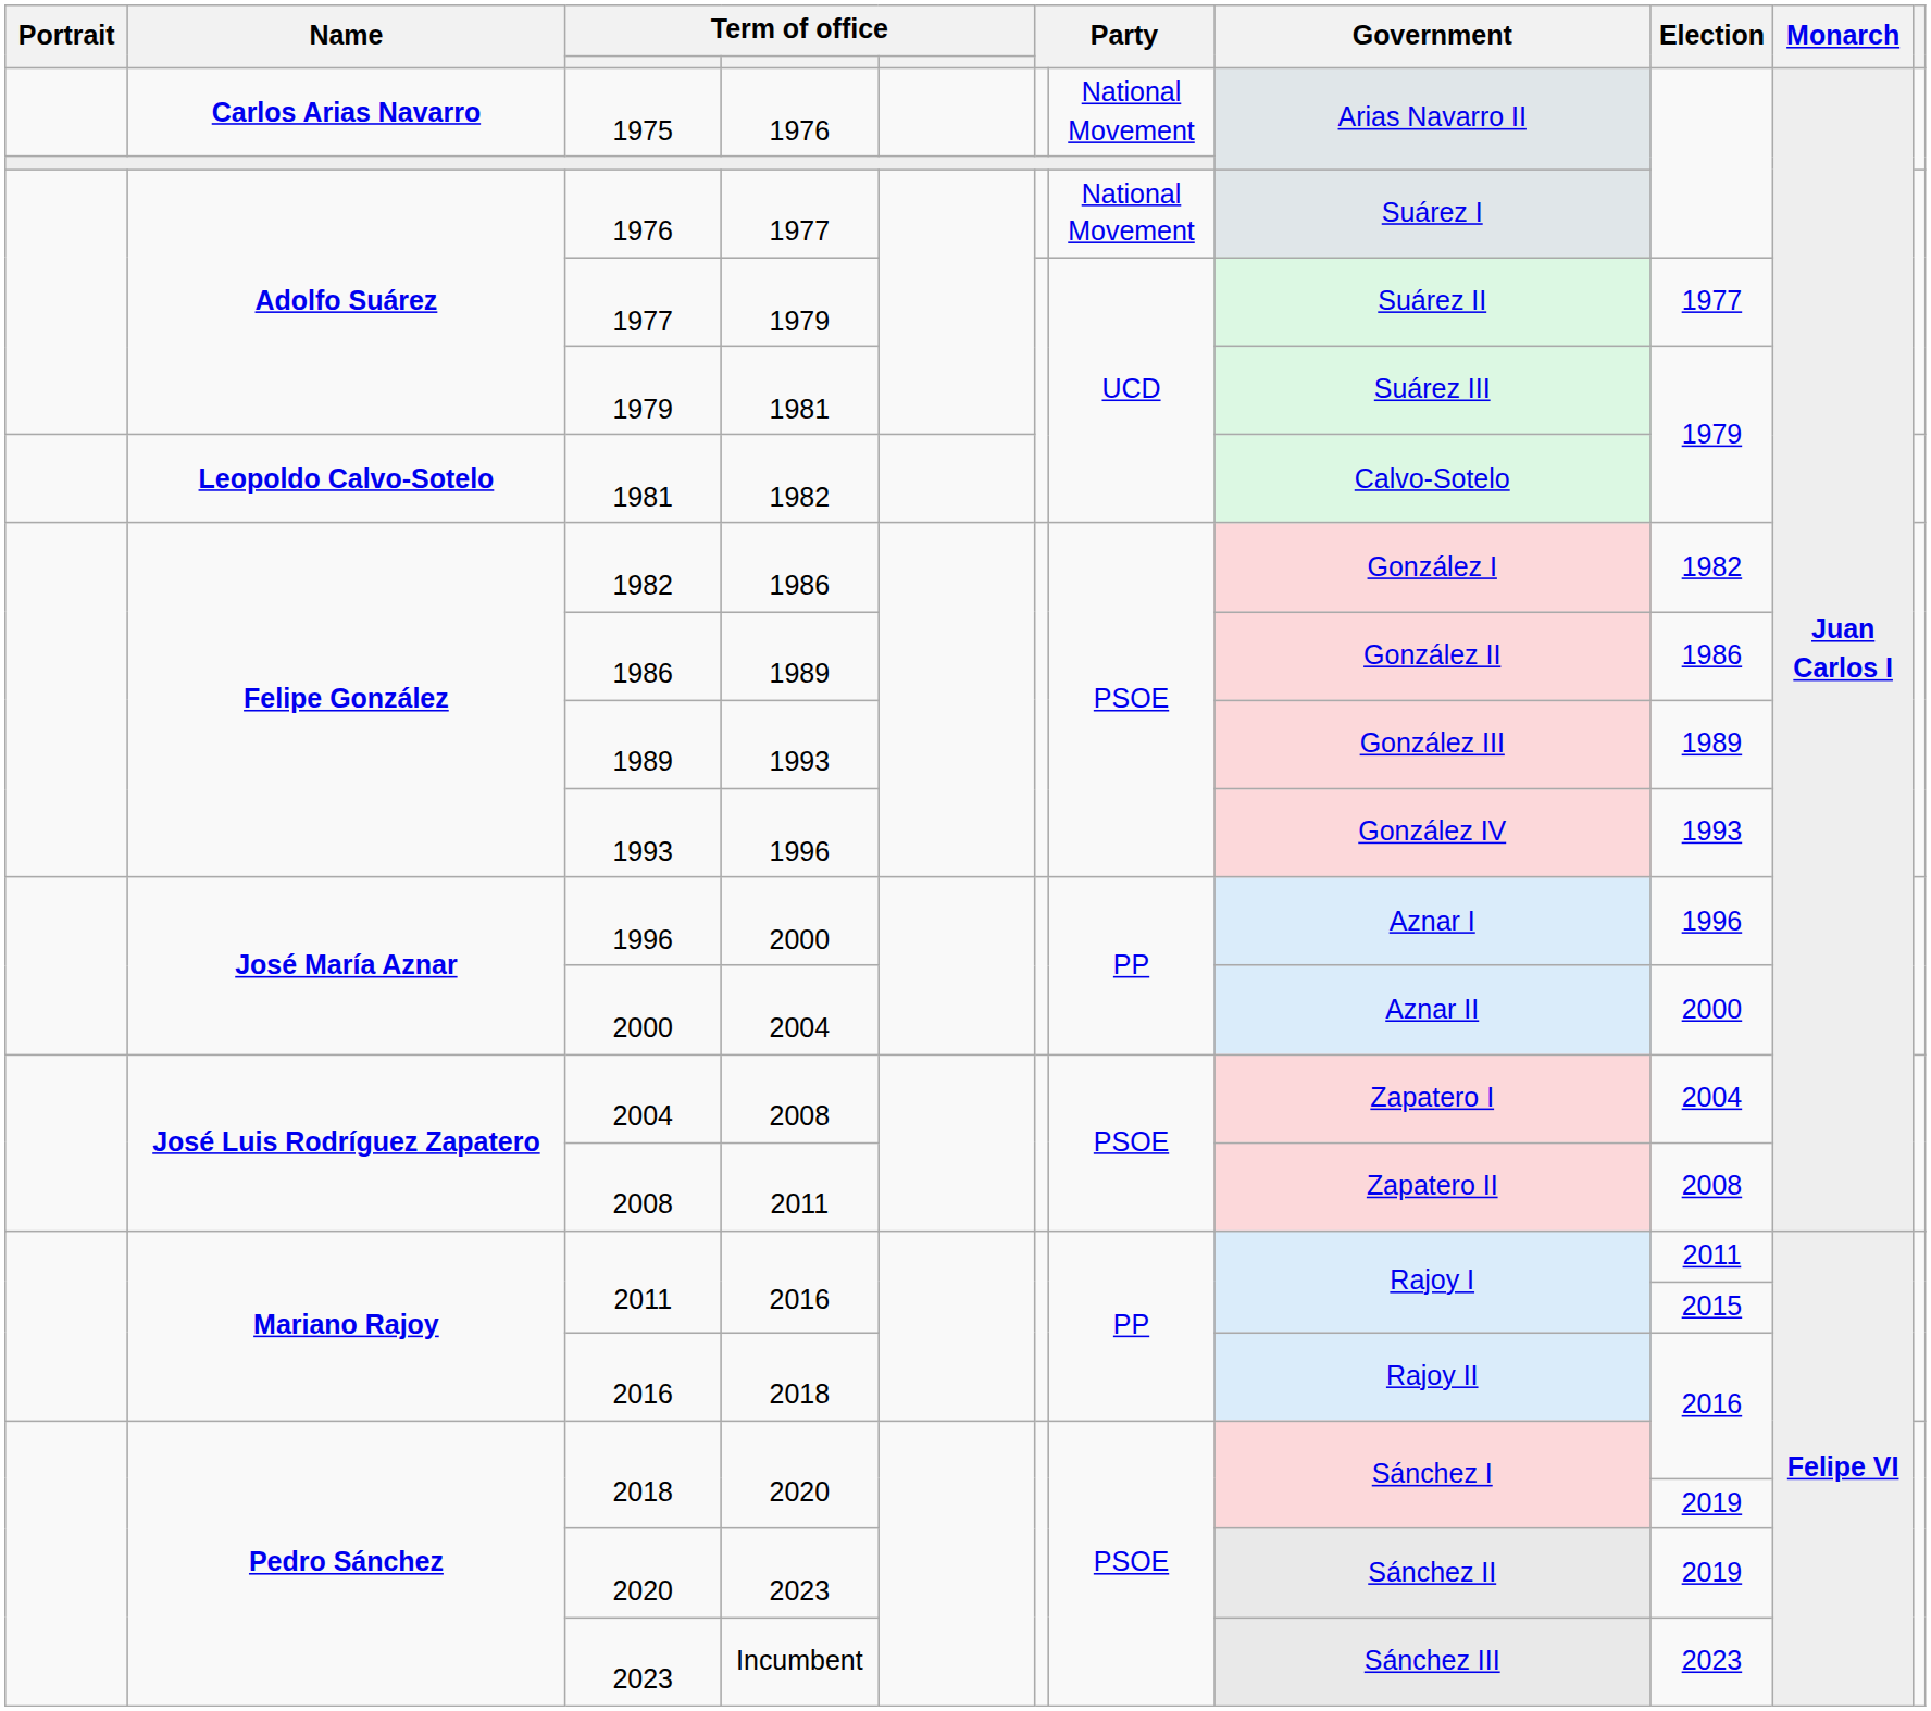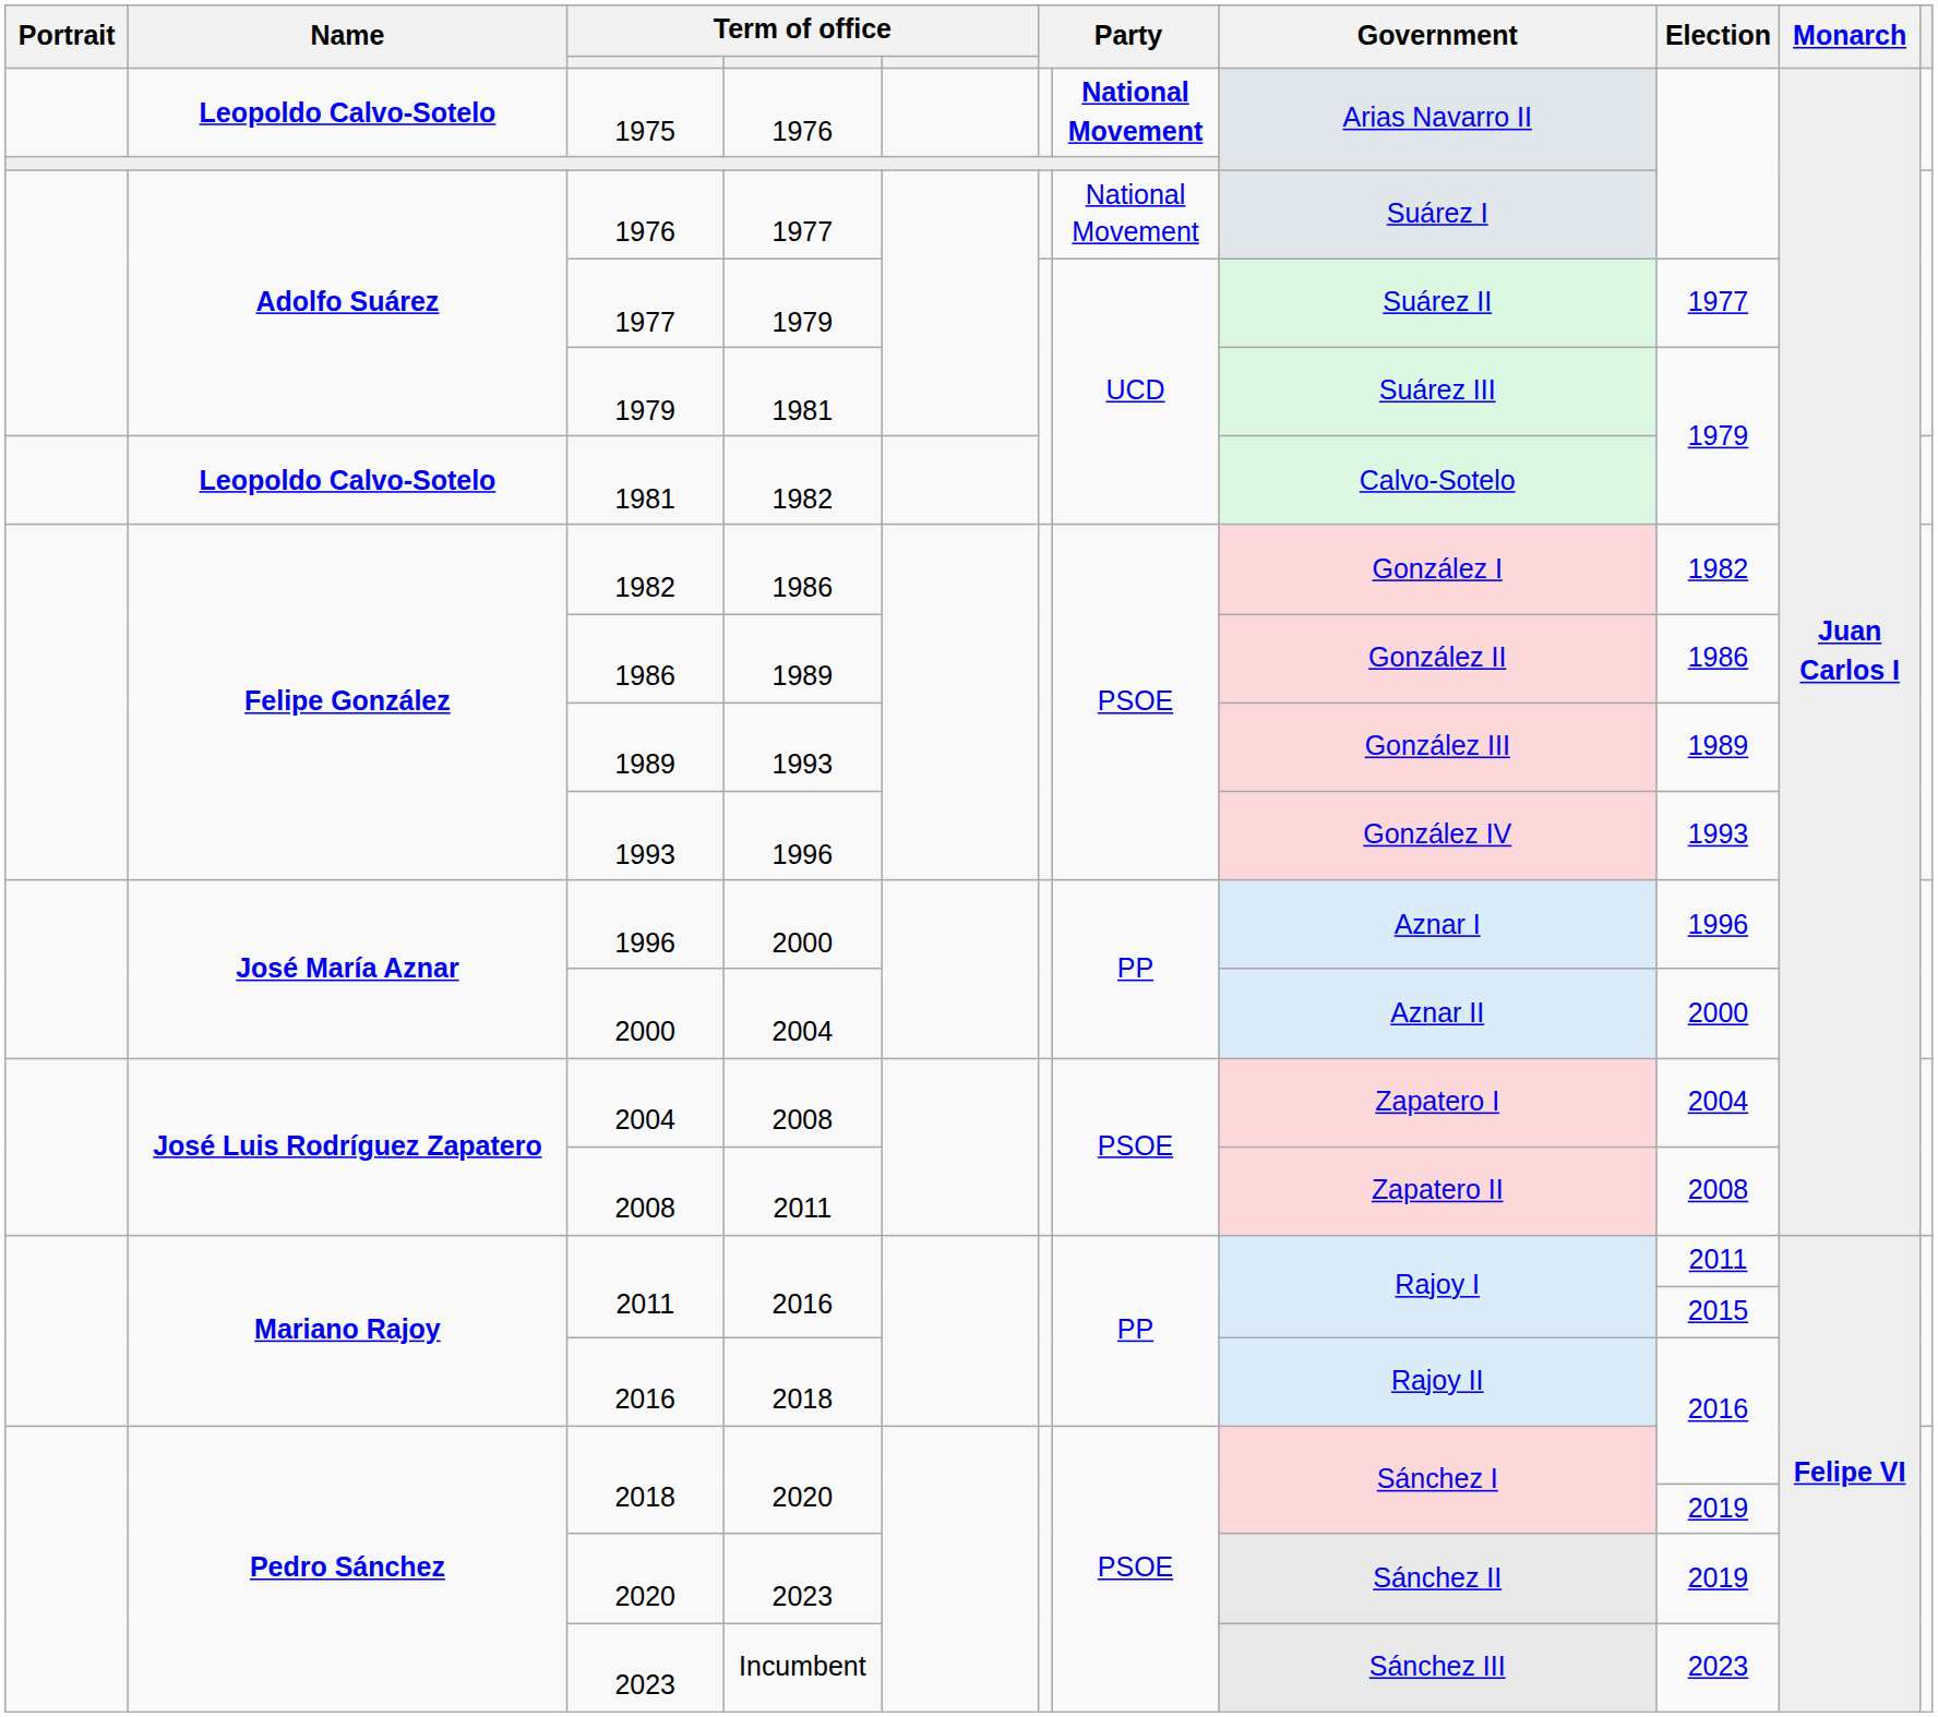 <table class="wikitable" style="line-height:1.4em; text-align:center; border:1px #aaf solid;">
 <tr>
 <th rowspan="2" width="65">Portrait</th>
 <th rowspan="2" width="250">Name<br></th>
 <th colspan="3">Term of office</th>
 <th rowspan="2" colspan="2" width="90">Party</th>
 <th rowspan="2" width="250">Government<br></th>
 <th rowspan="2" width="65">Election</th>
 <th rowspan="2" width="75"><a href='#'>Monarch</a><br></th>
 <th rowspan="2"></th>
 </tr>
 <tr>
 <th width="85"></th>
 <th width="85"></th>
 <th width="85"></th>
 </tr>
 <tr>
 <td width="65"></td>
-<td><strong><a href='#'>Carlos Arias Navarro</a></strong><br></td>
+<td><strong><a href='#'>Leopoldo Calvo-Sotelo</a></strong><br></td>
 <td class="nowrap"><br>1975</td>
 <td class="nowrap"><br>1976</td>
 <td style="font-size:95%;"></td>
 <td width="1" style="color:inherit;background:"></td>
-<td width="90"><a href='#'>National<br>Movement</a><br></td>
+<td width="90"><strong><a href='#'>National<br>Movement</a><br></strong></td>
 <td rowspan="2" style="background:#E0E6E9;"><a href='#'>Arias Navarro II</a><br></td>
 <td rowspan="3" style="color:#ccc;"></td>
 <td scope="row" style="text-align:center;" rowspan="15" bgcolor="#EEEEEE"><br><strong><a href='#'>Juan Carlos I</a></strong><br><br></td>
 <td rowspan="2"><br></td>
 </tr>
 <tr>
 <td colspan="7" style="background:#EEEEEE;"></td>
 </tr>
 <tr>
 <td rowspan="3"></td>
 <td rowspan="3"><strong><a href='#'>Adolfo Suárez</a></strong><br></td>
 <td class="nowrap"><br>1976</td>
 <td class="nowrap"><br>1977</td>
 <td rowspan="3" style="font-size:95%;"></td>
 <td style="color:inherit;background:"></td>
 <td><a href='#'>National<br>Movement</a><br></td>
 <td style="background:#E0E6E9;"><a href='#'>Suárez I</a><br></td>
 <td rowspan="3"><br><br><br><br></td>
 </tr>
 <tr>
 <td class="nowrap"><br>1977</td>
 <td class="nowrap"><br>1979</td>
 <td rowspan="3" style="color:inherit;background:"></td>
 <td rowspan="3"><a href='#'>UCD</a></td>
 <td style="background:#DCF8E3;"><a href='#'>Suárez II</a><br></td>
 <td><a href='#'>1977</a></td>
 </tr>
 <tr>
 <td class="nowrap"><br>1979</td>
 <td class="nowrap"><br>1981</td>
 <td style="background:#DCF8E3;"><a href='#'>Suárez III</a><br></td>
 <td rowspan="2"><a href='#'>1979</a></td>
 </tr>
 <tr>
 <td></td>
 <td><strong><a href='#'>Leopoldo Calvo-Sotelo</a></strong><br></td>
 <td class="nowrap"><br>1981</td>
 <td class="nowrap"><br>1982</td>
 <td style="font-size:95%;"></td>
 <td style="background:#DCF8E3;"><a href='#'>Calvo-Sotelo</a><br></td>
 <td><br></td>
 </tr>
 <tr>
 <td rowspan="4"></td>
 <td rowspan="4"><strong><a href='#'>Felipe González</a></strong><br></td>
 <td class="nowrap"><br>1982</td>
 <td class="nowrap"><br>1986</td>
 <td rowspan="4" style="font-size:95%;"></td>
 <td rowspan="4" style="color:inherit;background:"></td>
 <td rowspan="4"><a href='#'>PSOE</a></td>
 <td style="background:#FCD8DA;"><a href='#'>González I</a><br></td>
 <td><a href='#'>1982</a></td>
 <td rowspan="4"><br><br><br><br></td>
 </tr>
 <tr>
 <td class="nowrap"><br>1986</td>
 <td class="nowrap"><br>1989</td>
 <td style="background:#FCD8DA;"><a href='#'>González II</a><br></td>
 <td><a href='#'>1986</a></td>
 </tr>
 <tr>
 <td class="nowrap"><br>1989</td>
 <td class="nowrap"><br>1993</td>
 <td style="background:#FCD8DA;"><a href='#'>González III</a><br></td>
 <td><a href='#'>1989</a></td>
 </tr>
 <tr>
 <td class="nowrap"><br>1993</td>
 <td class="nowrap"><br>1996</td>
 <td style="background:#FCD8DA;"><a href='#'>González IV</a><br></td>
 <td><a href='#'>1993</a></td>
 </tr>
 <tr>
 <td rowspan="2"></td>
 <td rowspan="2"><strong><a href='#'>José María Aznar</a></strong><br></td>
 <td class="nowrap"><br>1996</td>
 <td class="nowrap"><br>2000</td>
 <td rowspan="2" style="font-size:95%;"></td>
 <td rowspan="2" style="color:inherit;background:"></td>
 <td rowspan="2"><a href='#'>PP</a></td>
 <td style="background:#DAECFA;"><a href='#'>Aznar I</a><br></td>
 <td><a href='#'>1996</a></td>
 <td rowspan="2"><br><br></td>
 </tr>
 <tr>
 <td class="nowrap"><br>2000</td>
 <td class="nowrap"><br>2004</td>
 <td style="background:#DAECFA;"><a href='#'>Aznar II</a><br></td>
 <td><a href='#'>2000</a></td>
 </tr>
 <tr>
 <td rowspan="2"></td>
 <td rowspan="2"><strong><a href='#'>José Luis Rodríguez Zapatero</a></strong><br></td>
 <td class="nowrap"><br>2004</td>
 <td class="nowrap"><br>2008</td>
 <td rowspan="2" style="font-size:95%;"></td>
 <td rowspan="2" style="color:inherit;background:"></td>
 <td rowspan="2"><a href='#'>PSOE</a></td>
 <td style="background:#FCD8DA;"><a href='#'>Zapatero I</a><br></td>
 <td><a href='#'>2004</a></td>
 <td rowspan="2"><br><br><br></td>
 </tr>
 <tr>
 <td class="nowrap"><br>2008</td>
 <td class="nowrap"><br>2011</td>
 <td style="background:#FCD8DA;"><a href='#'>Zapatero II</a><br></td>
 <td><a href='#'>2008</a></td>
 </tr>
 <tr>
 <td rowspan="4"></td>
 <td rowspan="4"><strong><a href='#'>Mariano Rajoy</a></strong><br></td>
 <td rowspan="3" class="nowrap"><br>2011</td>
 <td rowspan="3" class="nowrap"><br>2016</td>
 <td rowspan="4" style="font-size:95%;"></td>
 <td rowspan="4" style="color:inherit;background:"></td>
 <td rowspan="4"><a href='#'>PP</a></td>
 <td rowspan="3" style="background:#DAECFA;"><a href='#'>Rajoy I</a><br></td>
 <td rowspan="2"><a href='#'>2011</a></td>
 <td rowspan="4"><br><br><br></td>
 </tr>
 <tr>
 <td scope="row" style="text-align:center;" rowspan="7" bgcolor="#EEEEEE"><br><strong><a href='#'>Felipe VI</a></strong><br><br></td>
 </tr>
 <tr>
 <td><a href='#'>2015</a></td>
 </tr>
 <tr>
 <td class="nowrap"><br>2016</td>
 <td class="nowrap"><br>2018<br></td>
 <td style="background:#DAECFA;"><a href='#'>Rajoy II</a><br></td>
 <td rowspan="2"><a href='#'>2016</a></td>
 </tr>
 <tr style="height:4ex">
 <td rowspan="4"></td>
 <td rowspan="4"><strong><a href='#'>Pedro Sánchez</a></strong><br></td>
 <td rowspan="2" class="nowrap"><br>2018</td>
 <td rowspan="2" class="nowrap"><br>2020</td>
 <td rowspan="4" style="font-size:95%;"></td>
 <td rowspan="4" style="color:inherit;background:"></td>
 <td rowspan="4"><a href='#'>PSOE</a></td>
 <td rowspan="2" style="background:#FCD8DA;"><a href='#'>Sánchez I</a><br></td>
 <td rowspan="4"><br><br></td>
 </tr>
 <tr>
 <td><a href='#'> 2019</a></td>
 </tr>
 <tr>
 <td class="nowrap"><br>2020</td>
 <td class="nowrap"><br>2023</td>
 <td style="background:#E9E9E9;"><a href='#'>Sánchez II</a><br></td>
 <td><a href='#'> 2019</a></td>
 </tr>
 <tr>
 <td class="nowrap"><br>2023</td>
 <td class="nowrap">Incumbent</td>
 <td style="background:#E9E9E9;"><a href='#'>Sánchez III</a><br></td>
 <td><a href='#'>2023</a></td>
 </tr>
 </table>
